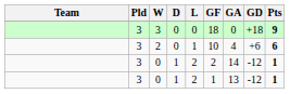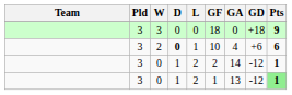 <table class="wikitable" style="text-align:center;">
 <tr>
 <th width=180>Team</th>
 <th width=20>Pld</th>
 <th width=20>W</th>
 <th width=20>D</th>
 <th width=20>L</th>
 <th width=20>GF</th>
 <th width=20>GA</th>
 <th width=20>GD</th>
 <th width=20>Pts</th>
 </tr>
 <tr>
 </tr>
 <tr bgcolor=ccffcc>
 <td align="left"></td>
 <td>3</td>
 <td>3</td>
 <td>0</td>
 <td>0</td>
 <td>18</td>
 <td>0</td>
 <td>+18</td>
 <td><strong>9</strong></td>
 </tr>
 <tr>
 <td align="left"></td>
 <td>3</td>
 <td>2</td>
-<td>0</td>
+<td><strong>0</strong></td>
 <td>1</td>
 <td>10</td>
 <td>4</td>
 <td>+6</td>
 <td><strong>6</strong></td>
 </tr>
 <tr>
 <td align="left"></td>
 <td>3</td>
 <td>0</td>
 <td>1</td>
 <td>2</td>
 <td>2</td>
 <td>14</td>
 <td>-12</td>
 <td><strong>1</strong></td>
 </tr>
 <tr>
 <td align="left"></td>
 <td>3</td>
 <td>0</td>
 <td>1</td>
 <td>2</td>
 <td>1</td>
 <td>13</td>
 <td>-12</td>
-<td><strong>1</strong></td>
+<td style="background: lightgreen;"><strong>1</strong></td>
 </tr>
 </table>
